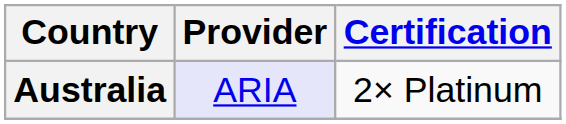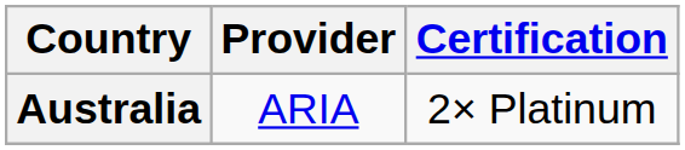 <table class="wikitable sortable plainrowheaders" style="text-align:center">
 <tr>
 <th scope="col">Country</th>
 <th scope="col" class="unsortable">Provider</th>
 <th scope="col"><a href='#'>Certification</a></th>
 </tr>
 <tr>
 <th scope="row">Australia</th>
-<td style="background: lavender;"><a href='#'>ARIA</a></td>
+<td><a href='#'>ARIA</a></td>
 <td>2× Platinum</td>
 </tr>
 <tr>
 </tr>
 </table>
